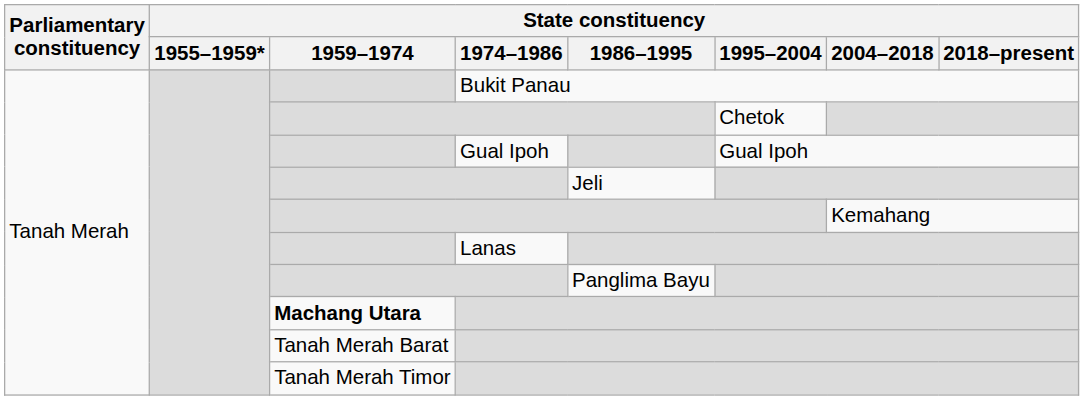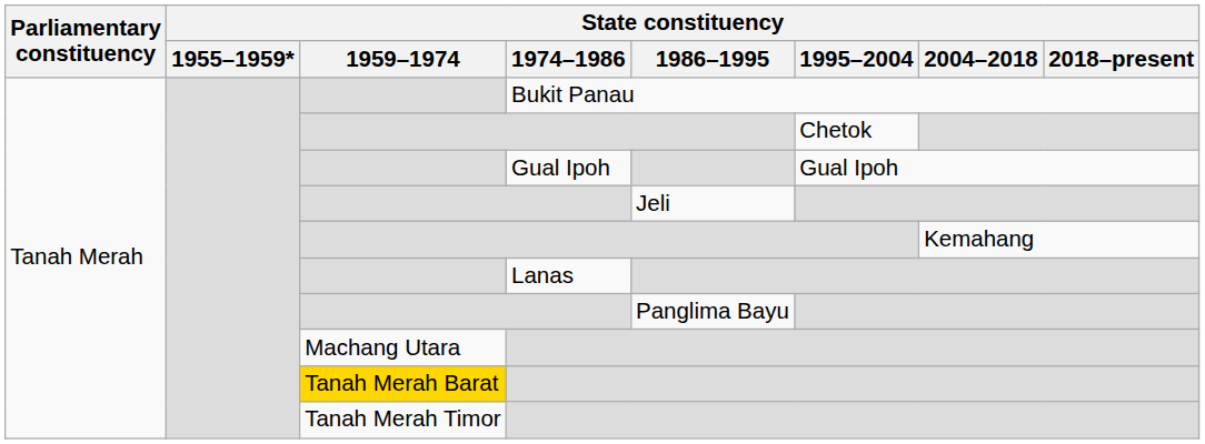 <table class="wikitable">
 <tr>
 <th rowspan="2">Parliamentary<br>constituency</th>
 <th colspan="7">State constituency</th>
 </tr>
 <tr>
 <th>1955–1959*</th>
 <th>1959–1974</th>
 <th>1974–1986</th>
 <th>1986–1995</th>
 <th>1995–2004</th>
 <th>2004–2018</th>
 <th>2018–present</th>
 </tr>
 <tr>
 <td rowspan="10">Tanah Merah</td>
 <td rowspan="10" bgcolor="dcdcdc"></td>
 <td bgcolor="dcdcdc"></td>
 <td colspan="5">Bukit Panau</td>
 </tr>
 <tr>
 <td colspan="3" bgcolor="dcdcdc"></td>
 <td>Chetok</td>
 <td colspan="2" bgcolor="dcdcdc"></td>
 </tr>
 <tr>
 <td bgcolor="dcdcdc"></td>
 <td>Gual Ipoh</td>
 <td bgcolor="dcdcdc"></td>
 <td colspan="3">Gual Ipoh</td>
 </tr>
 <tr>
 <td colspan="2" bgcolor="dcdcdc"></td>
 <td>Jeli</td>
 <td colspan="3" bgcolor="dcdcdc"></td>
 </tr>
 <tr>
 <td colspan="4" bgcolor="dcdcdc"></td>
 <td colspan="2">Kemahang</td>
 </tr>
 <tr>
 <td bgcolor="dcdcdc"></td>
 <td>Lanas</td>
 <td colspan="4" bgcolor="dcdcdc"></td>
 </tr>
 <tr>
 <td colspan="2" bgcolor="dcdcdc"></td>
 <td>Panglima Bayu</td>
 <td colspan="3" bgcolor="dcdcdc"></td>
 </tr>
 <tr>
-<td><strong>Machang Utara</strong></td>
+<td>Machang Utara</td>
 <td colspan="5" bgcolor="dcdcdc"></td>
 </tr>
 <tr>
-<td>Tanah Merah Barat</td>
+<td style="background: gold;">Tanah Merah Barat</td>
 <td colspan="5" bgcolor="dcdcdc"></td>
 </tr>
 <tr>
 <td>Tanah Merah Timor</td>
 <td colspan="5" bgcolor="dcdcdc"></td>
 </tr>
 </table>
